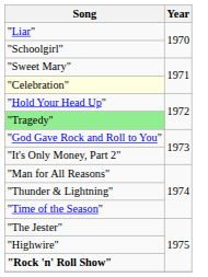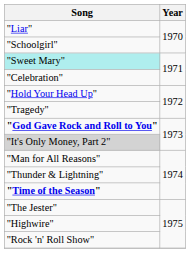 <table class="wikitable">
 <tr>
 <th>Song</th>
 <th>Year</th>
 </tr>
 <tr>
 <td>"<a href='#'>Liar</a>"</td>
 <td rowspan="2">1970</td>
 </tr>
 <tr>
 <td>"Schoolgirl"</td>
 </tr>
 <tr>
-<td>"Sweet Mary"</td>
+<td style="background: paleturquoise;">"Sweet Mary"</td>
 <td rowspan="2">1971</td>
 </tr>
 <tr>
-<td style="background: lightyellow;">"Celebration"</td>
+<td>"Celebration"</td>
 </tr>
 <tr>
 <td>"<a href='#'>Hold Your Head Up</a>"</td>
 <td rowspan="2">1972</td>
 </tr>
 <tr>
-<td style="background: lightgreen;">"Tragedy"</td>
+<td>"Tragedy"</td>
 </tr>
 <tr>
-<td>"<a href='#'>God Gave Rock and Roll to You</a>"</td>
+<td><strong>"<a href='#'>God Gave Rock and Roll to You</a>"</strong></td>
 <td rowspan="2">1973</td>
 </tr>
 <tr>
-<td>"It's Only Money, Part 2"</td>
+<td style="background: lightgrey;">"It's Only Money, Part 2"</td>
 </tr>
 <tr>
 <td>"Man for All Reasons"</td>
 <td rowspan="3">1974</td>
 </tr>
 <tr>
 <td>"Thunder & Lightning"</td>
 </tr>
 <tr>
-<td>"<a href='#'>Time of the Season</a>"</td>
+<td><strong>"<a href='#'>Time of the Season</a>"</strong></td>
 </tr>
 <tr>
 <td>"The Jester"</td>
 <td rowspan="3">1975</td>
 </tr>
 <tr>
 <td>"Highwire"</td>
 </tr>
 <tr>
-<td><strong>"Rock 'n' Roll Show"</strong></td>
+<td>"Rock 'n' Roll Show"</td>
 </tr>
 <tr>
 </tr>
 </table>
